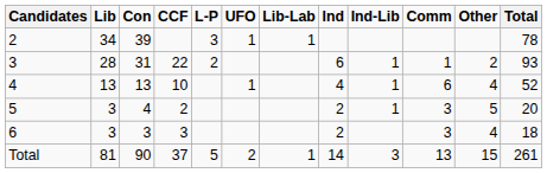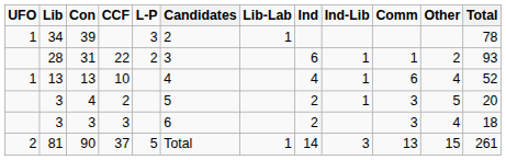 <table class="wikitable" style="text-align:right;">
 <tr>
-<th>Candidates</th>
+<td><strong>UFO</strong></td>
 <td><strong>Lib</strong></td>
 <td><strong>Con</strong></td>
 <td><strong>CCF</strong></td>
 <td><strong>L-P</strong></td>
-<td><strong>UFO</strong></td>
+<th>Candidates</th>
 <td><strong>Lib-Lab</strong></td>
 <td><strong>Ind</strong></td>
 <td><strong>Ind-Lib</strong></td>
 <td><strong>Comm</strong></td>
 <td><strong>Other</strong></td>
 <th>Total</th>
 </tr>
 <tr>
-<td style="text-align:left;">2</td>
+<td>1</td>
 <td>34</td>
 <td>39</td>
 <td></td>
 <td>3</td>
-<td>1</td>
+<td style="text-align:left;">2</td>
 <td>1</td>
 <td></td>
 <td></td>
 <td></td>
 <td></td>
 <td>78</td>
 </tr>
 <tr>
-<td style="text-align:left;">3</td>
+<td></td>
 <td>28</td>
 <td>31</td>
 <td>22</td>
 <td>2</td>
-<td></td>
+<td style="text-align:left;">3</td>
 <td></td>
 <td>6</td>
 <td>1</td>
 <td>1</td>
 <td>2</td>
 <td>93</td>
 </tr>
 <tr>
-<td style="text-align:left;">4</td>
+<td>1</td>
 <td>13</td>
 <td>13</td>
 <td>10</td>
 <td></td>
-<td>1</td>
+<td style="text-align:left;">4</td>
 <td></td>
 <td>4</td>
 <td>1</td>
 <td>6</td>
 <td>4</td>
 <td>52</td>
 </tr>
 <tr>
-<td style="text-align:left;">5</td>
+<td></td>
 <td>3</td>
 <td>4</td>
 <td>2</td>
 <td></td>
-<td></td>
+<td style="text-align:left;">5</td>
 <td></td>
 <td>2</td>
 <td>1</td>
 <td>3</td>
 <td>5</td>
 <td>20</td>
 </tr>
 <tr>
-<td style="text-align:left;">6</td>
+<td></td>
 <td>3</td>
 <td>3</td>
 <td>3</td>
 <td></td>
-<td></td>
+<td style="text-align:left;">6</td>
 <td></td>
 <td>2</td>
 <td></td>
 <td>3</td>
 <td>4</td>
 <td>18</td>
 </tr>
 <tr>
-<td style="text-align:left;">Total</td>
+<td>2</td>
 <td>81</td>
 <td>90</td>
 <td>37</td>
 <td>5</td>
-<td>2</td>
+<td style="text-align:left;">Total</td>
 <td>1</td>
 <td>14</td>
 <td>3</td>
 <td>13</td>
 <td>15</td>
 <td>261</td>
 </tr>
 </table>
